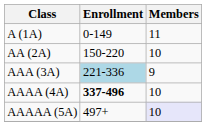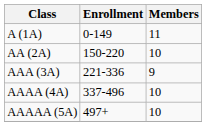 <table class="wikitable">
 <tr>
 <th>Class</th>
 <th>Enrollment</th>
 <th>Members</th>
 </tr>
 <tr>
 <td>A (1A)</td>
 <td>0-149</td>
 <td>11</td>
 </tr>
 <tr>
 <td>AA (2A)</td>
 <td>150-220</td>
 <td>10</td>
 </tr>
 <tr>
 <td>AAA (3A)</td>
-<td style="background: lightblue;">221-336</td>
+<td>221-336</td>
 <td>9</td>
 </tr>
 <tr>
 <td>AAAA (4A)</td>
-<td><strong>337-496</strong></td>
+<td>337-496</td>
 <td>10</td>
 </tr>
 <tr>
 <td>AAAAA (5A)</td>
 <td>497+</td>
-<td style="background: lavender;">10</td>
+<td>10</td>
 </tr>
 <tr>
 </tr>
 </table>
